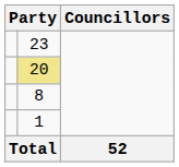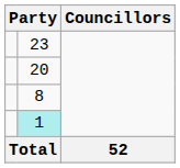 <table class="wikitable">
 <tr>
 <th colspan=2>Party</th>
 <th>Councillors</th>
 </tr>
 <tr>
 <td></td>
 <td align=center>23</td>
 </tr>
 <tr>
 <td></td>
-<td align=center style="background: khaki;">20</td>
+<td align=center>20</td>
 </tr>
 <tr>
 <td></td>
 <td align=center>8</td>
 </tr>
 <tr>
 <td></td>
-<td align=center>1</td>
+<td align=center style="background: paleturquoise;">1</td>
 </tr>
 <tr>
 <th colspan=2>Total</th>
 <th align=center>52</th>
 </tr>
 </table>
